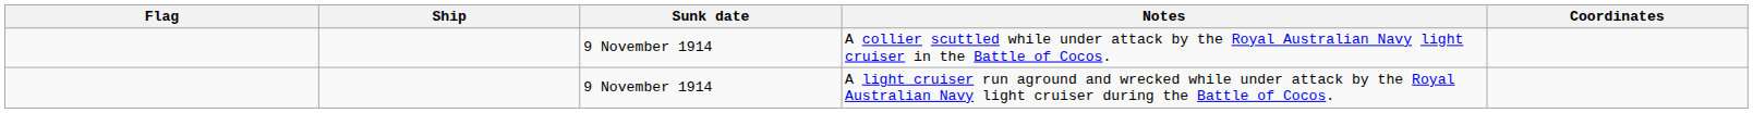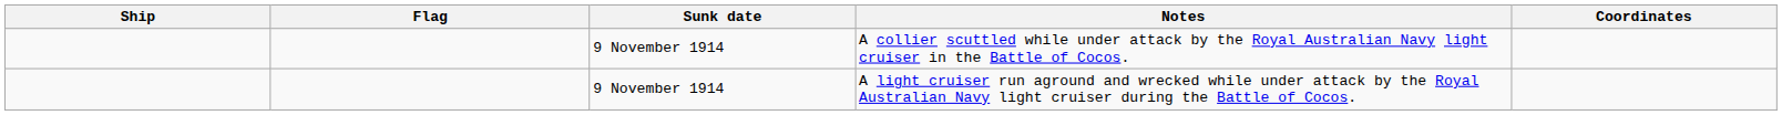 <table class="wikitable sortable" style="width:100%" |>
 <tr>
+<th style="width:15%">Ship</th>
 <th style="width:18%">Flag</th>
-<th style="width:15%">Ship</th>
 <th style="width:15%">Sunk date</th>
 <th style="width:37%">Notes</th>
 <th style="width:15%">Coordinates</th>
 </tr>
 <tr>
 <td></td>
 <td></td>
 <td>9 November 1914</td>
 <td>A <a href='#'>collier</a> <a href='#'>scuttled</a> while under attack by the <a href='#'>Royal Australian Navy</a> <a href='#'>light cruiser</a>  in the <a href='#'>Battle of Cocos</a>.</td>
 <td></td>
 </tr>
 <tr>
 <td></td>
 <td></td>
 <td>9 November 1914</td>
 <td>A <a href='#'>light cruiser</a> run aground and wrecked while under attack by the <a href='#'>Royal Australian Navy</a> light cruiser  during the <a href='#'>Battle of Cocos</a>.</td>
 <td></td>
 </tr>
 </table>
